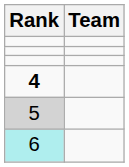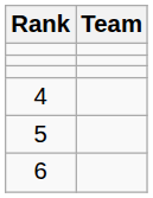 <table class=wikitable style="text-align:center">
 <tr>
 <th>Rank</th>
 <th>Team</th>
 </tr>
 <tr>
 <td></td>
 <td align=left></td>
 </tr>
 <tr>
 <td></td>
 <td align=left></td>
 </tr>
 <tr>
 <td></td>
 <td align=left></td>
 </tr>
 <tr>
-<td><strong>4</strong></td>
+<td>4</td>
 <td align=left></td>
 </tr>
 <tr>
-<td style="background: lightgrey;">5</td>
+<td>5</td>
 <td align=left></td>
 </tr>
 <tr>
-<td style="background: paleturquoise;">6</td>
+<td>6</td>
 <td align=left></td>
 </tr>
 </table>
